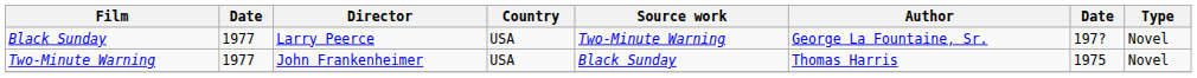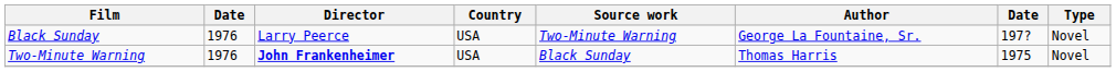 <table class="wikitable" style=width:90%>
 <tr style="background:#CCCCCC;">
 <th>Film</th>
 <th>Date</th>
 <th>Director</th>
 <th>Country</th>
 <th>Source work</th>
 <th>Author</th>
 <th>Date</th>
 <th>Type</th>
 </tr>
 <tr>
 <td><em><a href='#'>Black Sunday</a></em></td>
-<td>1977</td>
+<td>1976</td>
 <td><a href='#'>Larry Peerce</a></td>
 <td>USA</td>
 <td><em><a href='#'>Two-Minute Warning</a></em></td>
 <td><a href='#'>George La Fountaine, Sr.</a></td>
 <td>197?</td>
 <td>Novel</td>
 </tr>
 <tr>
 <td><em><a href='#'>Two-Minute Warning</a></em></td>
-<td>1977</td>
-<td><a href='#'>John Frankenheimer</a></td>
+<td>1976</td>
+<td><strong><a href='#'>John Frankenheimer</a></strong></td>
 <td>USA</td>
 <td><em><a href='#'>Black Sunday</a></em></td>
 <td><a href='#'>Thomas Harris</a></td>
 <td>1975</td>
 <td>Novel</td>
 </tr>
 <tr>
 </tr>
 </table>
